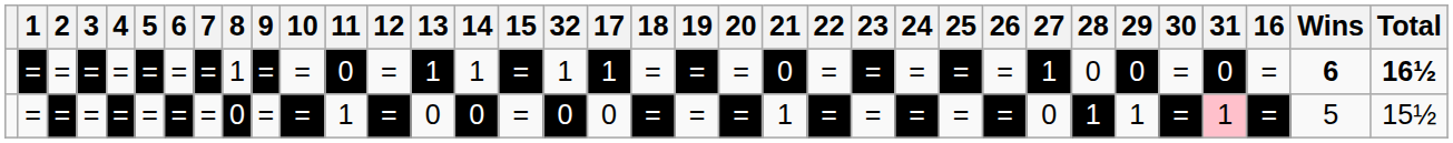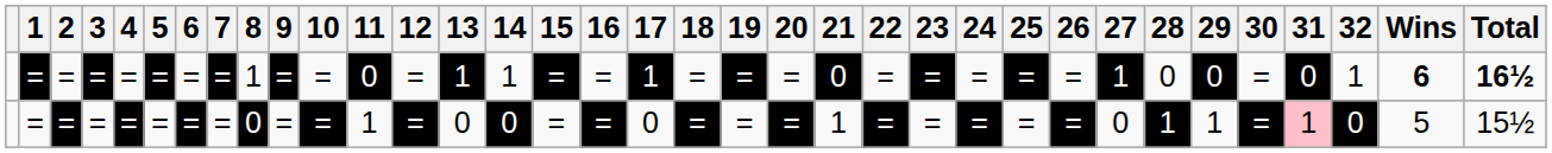 <table class="wikitable" style="text-align:center">
 <tr>
 <th></th>
 <th>1</th>
 <th>2</th>
 <th>3</th>
 <th>4</th>
 <th>5</th>
 <th>6</th>
 <th>7</th>
 <th>8</th>
 <th>9</th>
 <th>10</th>
 <th>11</th>
 <th>12</th>
 <th>13</th>
 <th>14</th>
 <th>15</th>
-<th>32</th>
+<th>16</th>
 <th>17</th>
 <th>18</th>
 <th>19</th>
 <th>20</th>
 <th>21</th>
 <th>22</th>
 <th>23</th>
 <th>24</th>
 <th>25</th>
 <th>26</th>
 <th>27</th>
 <th>28</th>
 <th>29</th>
 <th>30</th>
 <th>31</th>
-<th>16</th>
+<th>32</th>
 <th>Wins</th>
 <th>Total</th>
 </tr>
 <tr>
 <td align=left></td>
 <td style="background:black; color:white">=</td>
 <td>=</td>
 <td style="background:black; color:white">=</td>
 <td>=</td>
 <td style="background:black; color:white">=</td>
 <td>=</td>
 <td style="background:black; color:white">=</td>
 <td>1</td>
 <td style="background:black; color:white">=</td>
 <td>=</td>
 <td style="background:black; color:white">0</td>
 <td>=</td>
 <td style="background:black; color:white">1</td>
 <td>1</td>
 <td style="background:black; color:white">=</td>
-<td>1</td>
+<td>=</td>
 <td style="background:black; color:white">1</td>
 <td>=</td>
 <td style="background:black; color:white">=</td>
 <td>=</td>
 <td style="background:black; color:white">0</td>
 <td>=</td>
 <td style="background:black; color:white">=</td>
 <td>=</td>
 <td style="background:black; color:white">=</td>
 <td>=</td>
 <td style="background:black; color:white">1</td>
 <td>0</td>
 <td style="background:black; color:white">0</td>
 <td>=</td>
 <td style="background:black; color:white">0</td>
-<td>=</td>
+<td>1</td>
 <td><strong>6</strong></td>
 <td><strong>16½</strong></td>
 </tr>
 <tr>
 <td align=left></td>
 <td>=</td>
 <td style="background:black; color:white">=</td>
 <td>=</td>
 <td style="background:black; color:white">=</td>
 <td>=</td>
 <td style="background:black; color:white">=</td>
 <td>=</td>
 <td style="background:black; color:white">0</td>
 <td>=</td>
 <td style="background:black; color:white">=</td>
 <td>1</td>
 <td style="background:black; color:white">=</td>
 <td>0</td>
 <td style="background:black; color:white">0</td>
 <td>=</td>
-<td style="background:black; color:white">0</td>
+<td style="background:black; color:white">=</td>
 <td>0</td>
 <td style="background:black; color:white">=</td>
 <td>=</td>
 <td style="background:black; color:white">=</td>
 <td>1</td>
 <td style="background:black; color:white">=</td>
 <td>=</td>
 <td style="background:black; color:white">=</td>
 <td>=</td>
 <td style="background:black; color:white">=</td>
 <td>0</td>
 <td style="background:black; color:white">1</td>
 <td>1</td>
 <td style="background:black; color:white">=</td>
 <td style="background: pink;">1</td>
-<td style="background:black; color:white">=</td>
+<td style="background:black; color:white">0</td>
 <td>5</td>
 <td>15½</td>
 </tr>
 </table>
